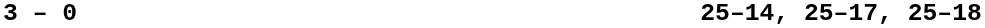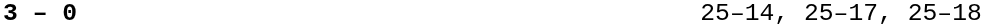 <table width=100% cellspacing=1>
 <tr>
 <th width=20%></th>
 <th width=12%></th>
 <th width=20%></th>
 <th width=33%></th>
 <td></td>
 </tr>
 <tr style=font-size:95%>
 <td align=right><strong></strong></td>
 <td align=center><strong>3 – 0</strong></td>
 <td></td>
-<td><strong>25–14, 25–17, 25–18</strong></td>
+<td>25–14, 25–17, 25–18</td>
 </tr>
 </table>
